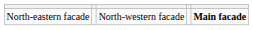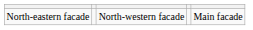 <table class="wikitable">
 <tr>
 <th></th>
 <th></th>
 <th></th>
 <th></th>
 <th></th>
 </tr>
 <tr>
 <td>North-eastern facade</td>
 <td></td>
 <td>North-western facade</td>
 <td></td>
-<td><strong>Main facade</strong></td>
+<td>Main facade</td>
 </tr>
 </table>
